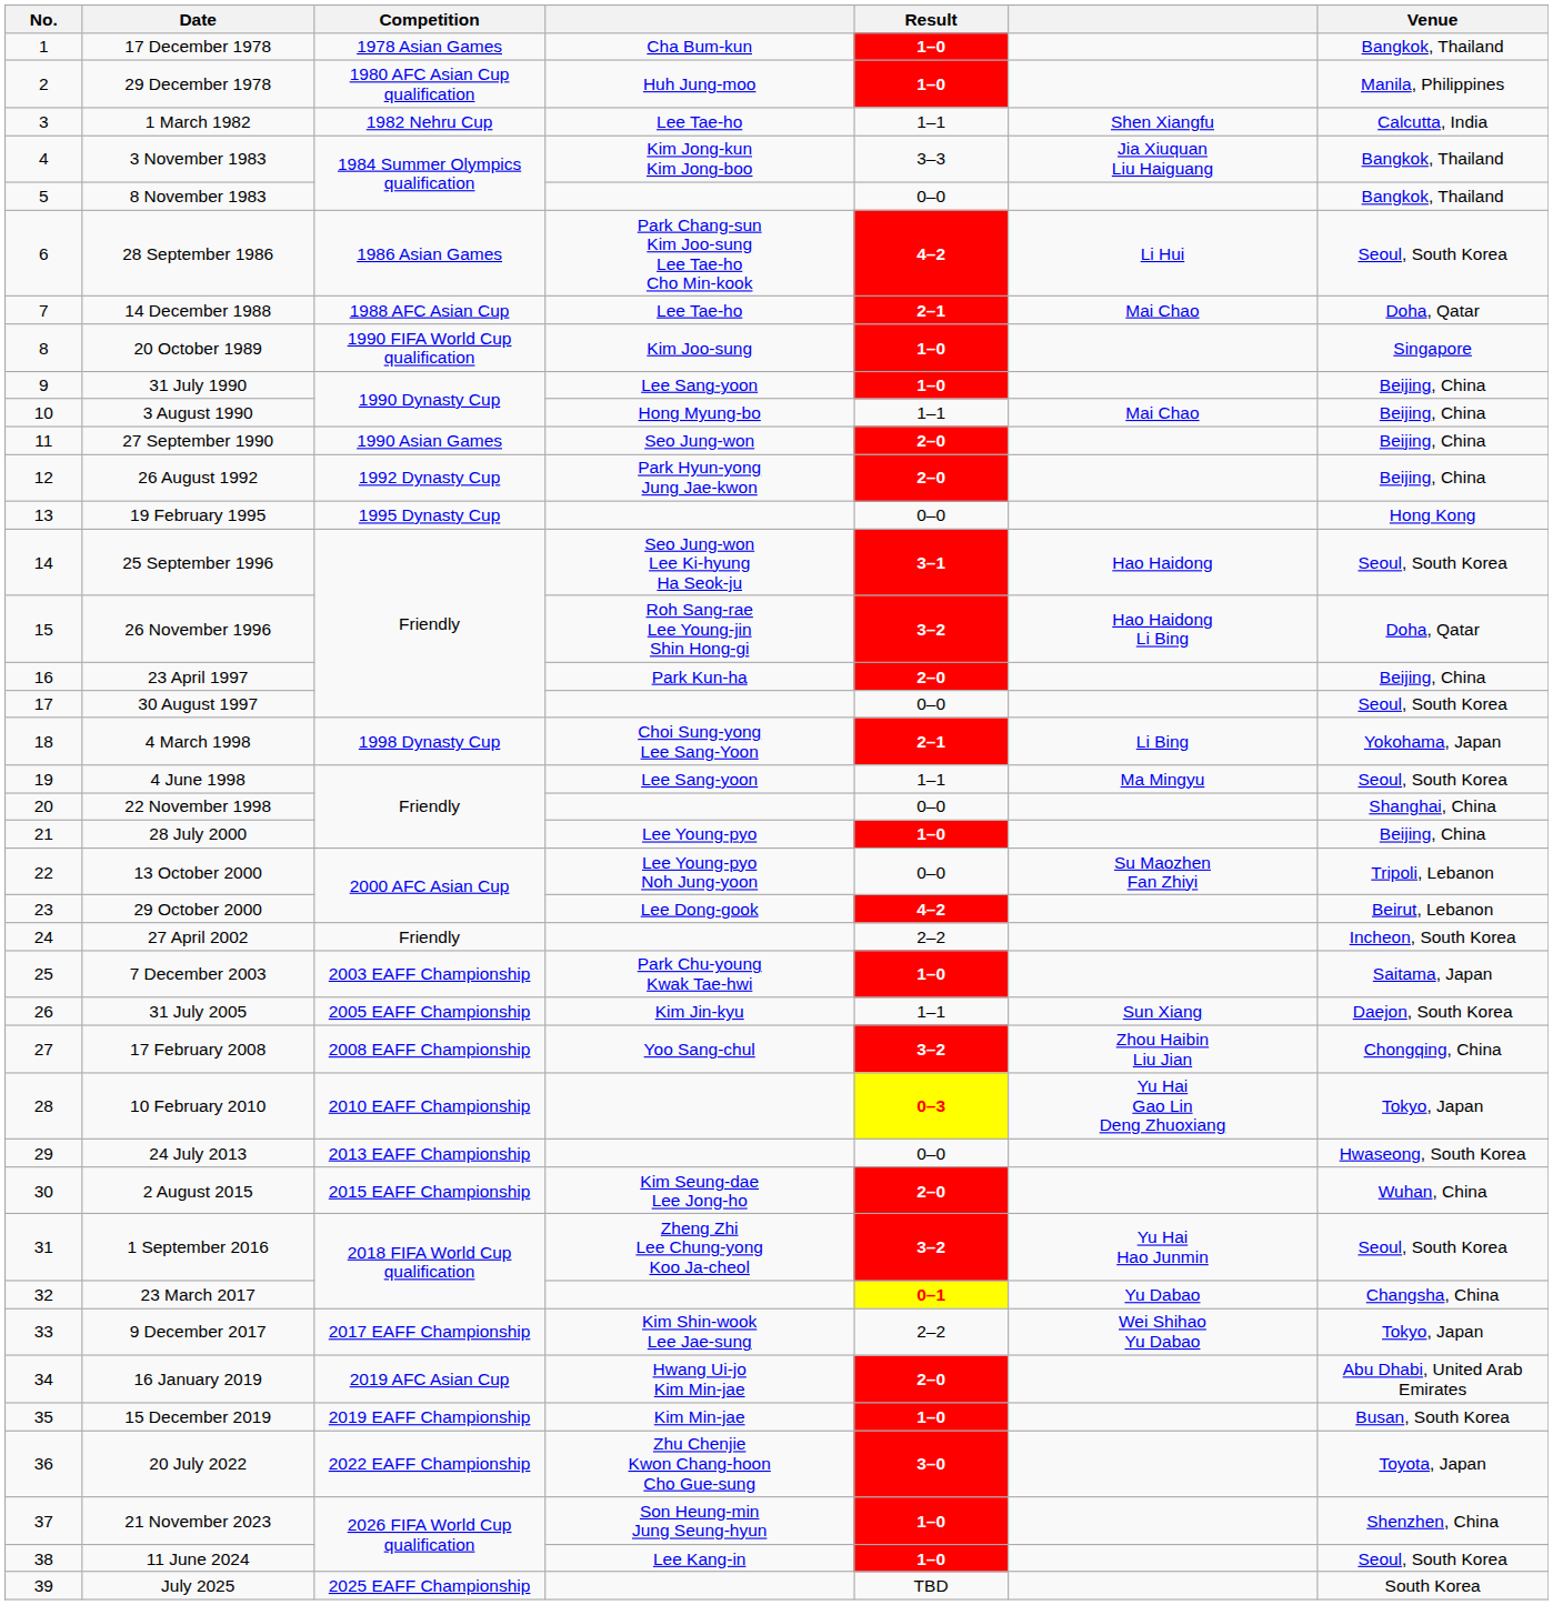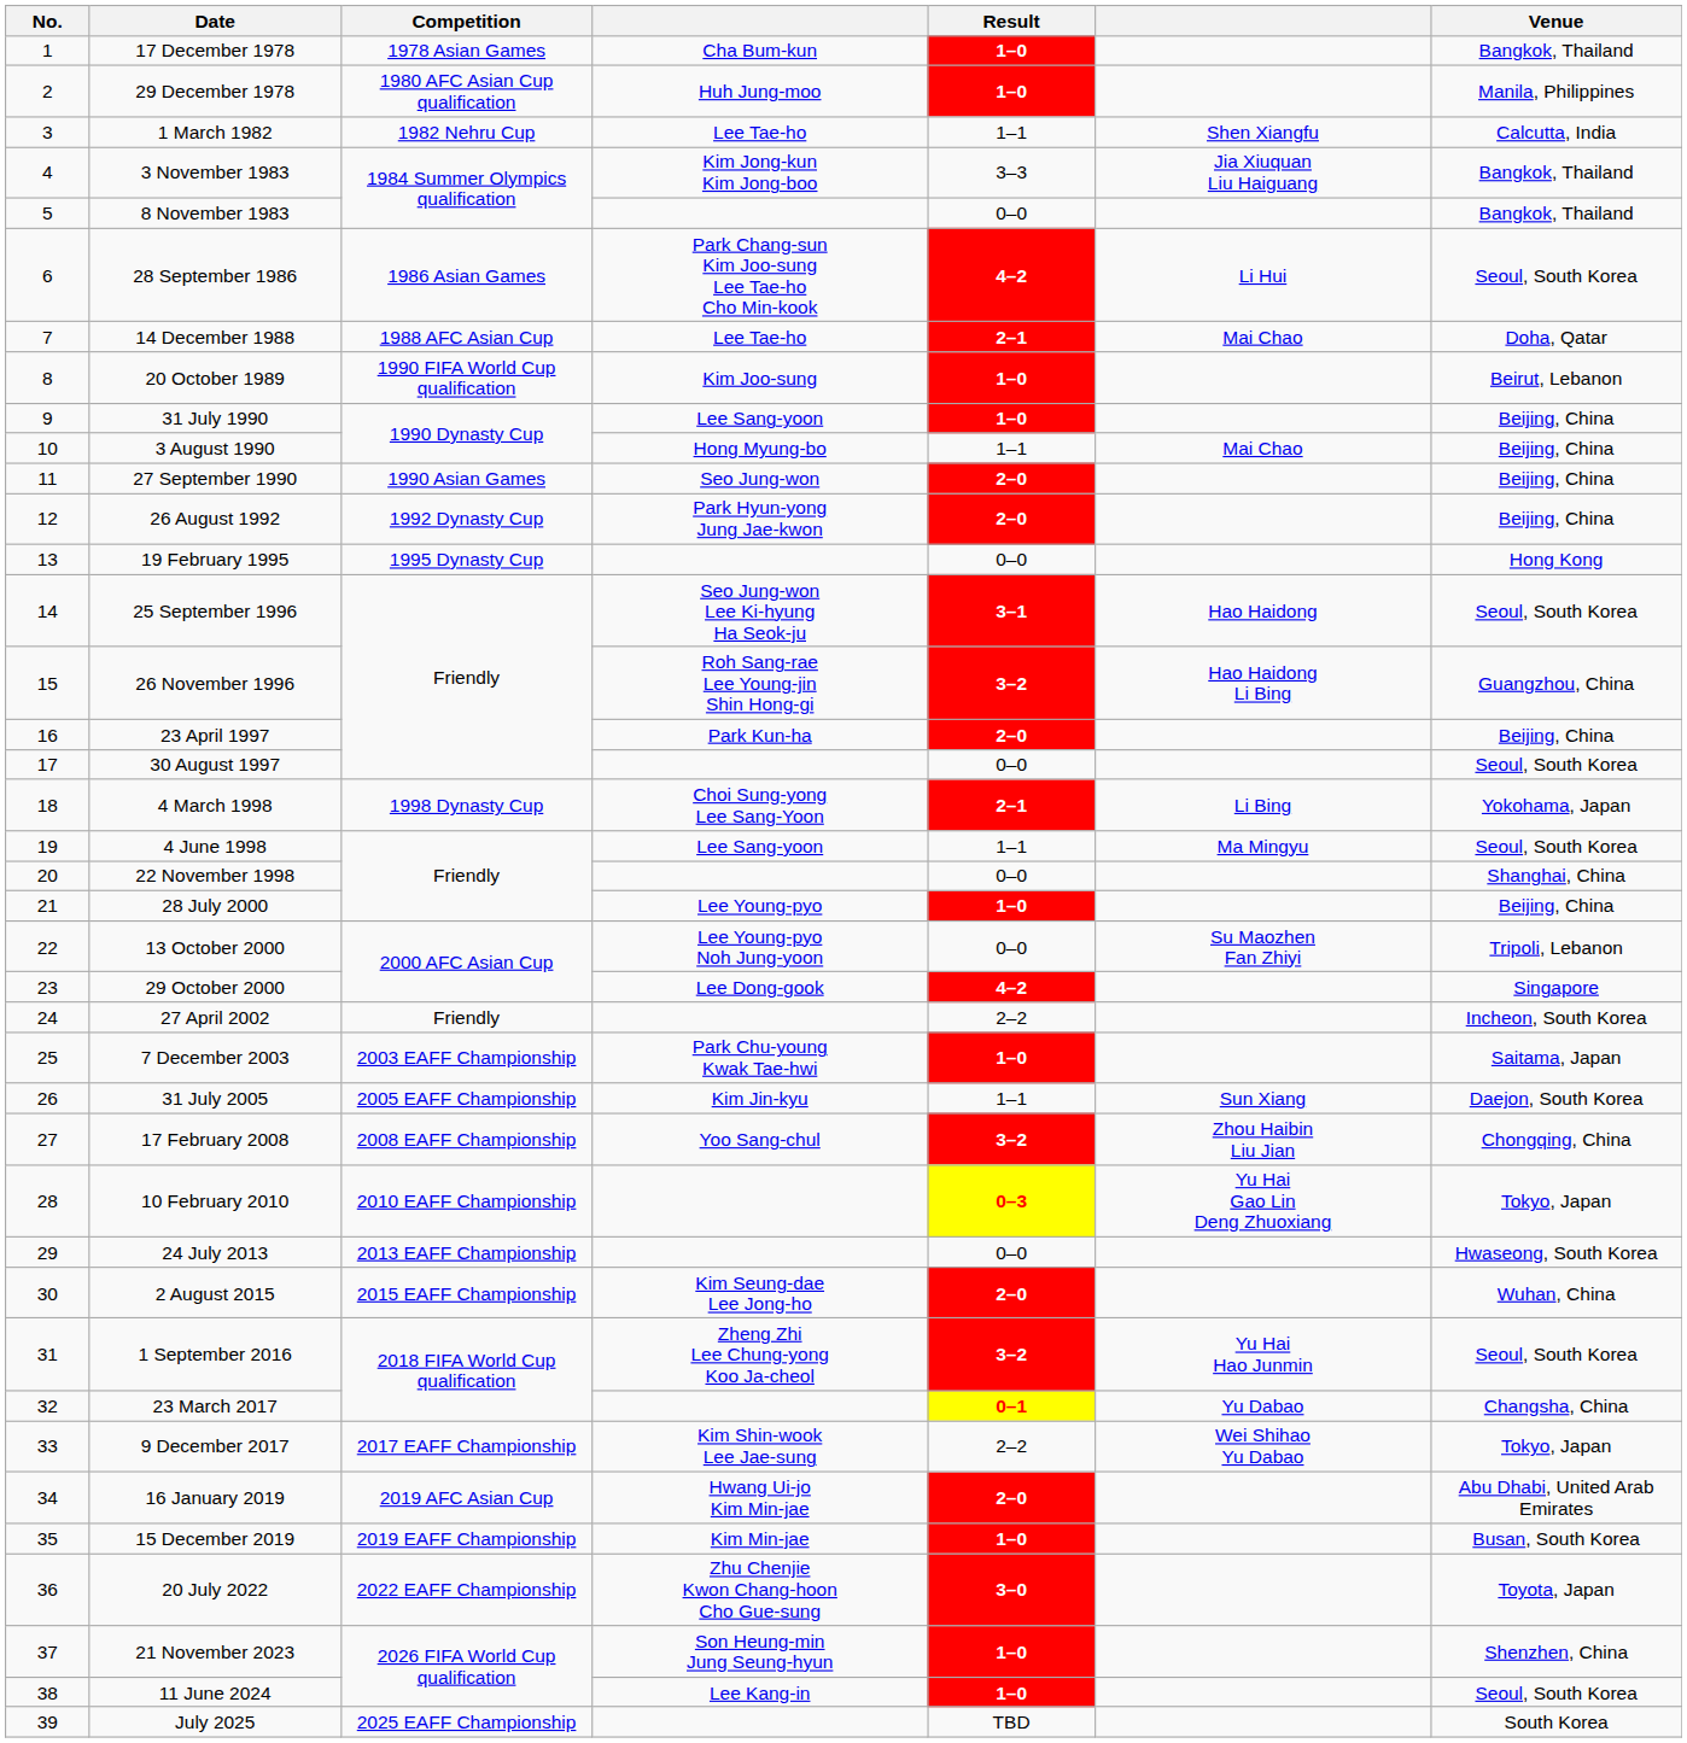 <table class="wikitable" style="width:100%; text-align:center; margin:0 left; font-size:88%">
 <tr>
 <th width=5%>No.</th>
 <th width=15%>Date</th>
 <th width=15%>Competition</th>
 <th width=20%></th>
 <th width=10%>Result</th>
 <th width=20%></th>
 <th width=15%>Venue</th>
 </tr>
 <tr>
 <td>1</td>
 <td>17 December 1978</td>
 <td><a href='#'>1978 Asian Games</a></td>
 <td><a href='#'>Cha Bum-kun</a> </td>
 <td style="color:#FFFFFF;background:#FF0000"><strong>1–0</strong></td>
 <td></td>
 <td><a href='#'>Bangkok</a>, Thailand</td>
 </tr>
 <tr>
 <td>2</td>
 <td>29 December 1978</td>
 <td><a href='#'>1980 AFC Asian Cup qualification</a></td>
 <td><a href='#'>Huh Jung-moo</a> </td>
 <td style="color:#FFFFFF;background:#FF0000"><strong>1–0</strong></td>
 <td></td>
 <td><a href='#'>Manila</a>, Philippines</td>
 </tr>
 <tr>
 <td>3</td>
 <td>1 March 1982</td>
 <td><a href='#'>1982 Nehru Cup</a></td>
 <td><a href='#'>Lee Tae-ho</a> </td>
 <td>1–1</td>
 <td><a href='#'>Shen Xiangfu</a> </td>
 <td><a href='#'>Calcutta</a>, India</td>
 </tr>
 <tr>
 <td>4</td>
 <td>3 November 1983</td>
 <td rowspan="2"><a href='#'>1984 Summer Olympics qualification</a></td>
 <td><a href='#'>Kim Jong-kun</a> <br><a href='#'>Kim Jong-boo</a> </td>
 <td>3–3</td>
 <td><a href='#'>Jia Xiuquan</a> <br><a href='#'>Liu Haiguang</a> </td>
 <td><a href='#'>Bangkok</a>, Thailand</td>
 </tr>
 <tr>
 <td>5</td>
 <td>8 November 1983</td>
 <td></td>
 <td>0–0</td>
 <td></td>
 <td><a href='#'>Bangkok</a>, Thailand</td>
 </tr>
 <tr>
 <td>6</td>
 <td>28 September 1986</td>
 <td><a href='#'>1986 Asian Games</a></td>
 <td><a href='#'>Park Chang-sun</a> <br><a href='#'>Kim Joo-sung</a> <br><a href='#'>Lee Tae-ho</a> <br><a href='#'>Cho Min-kook</a> </td>
 <td style="color:#FFFFFF;background:#FF0000"><strong>4–2</strong></td>
 <td><a href='#'>Li Hui</a> </td>
 <td><a href='#'>Seoul</a>, South Korea</td>
 </tr>
 <tr>
 <td>7</td>
 <td>14 December 1988</td>
 <td><a href='#'>1988 AFC Asian Cup</a></td>
 <td><a href='#'>Lee Tae-ho</a> </td>
 <td style="color:#FFFFFF;background:#FF0000"><strong>2–1 </strong></td>
 <td><a href='#'>Mai Chao</a> </td>
 <td><a href='#'>Doha</a>, Qatar</td>
 </tr>
 <tr>
 <td>8</td>
 <td>20 October 1989</td>
 <td><a href='#'>1990 FIFA World Cup qualification</a></td>
 <td><a href='#'>Kim Joo-sung</a> </td>
 <td style="color:#FFFFFF;background:#FF0000"><strong>1–0</strong></td>
 <td></td>
-<td><a href='#'>Singapore</a></td>
+<td><a href='#'>Beirut</a>, Lebanon</td>
 </tr>
 <tr>
 <td>9</td>
 <td>31 July 1990</td>
 <td rowspan="2"><a href='#'>1990 Dynasty Cup</a></td>
 <td><a href='#'>Lee Sang-yoon</a> </td>
 <td style="color:#FFFFFF;background:#FF0000"><strong>1–0</strong></td>
 <td></td>
 <td><a href='#'>Beijing</a>, China</td>
 </tr>
 <tr>
 <td>10</td>
 <td>3 August 1990</td>
 <td><a href='#'>Hong Myung-bo</a> </td>
 <td>1–1 <br></td>
 <td><a href='#'>Mai Chao</a> </td>
 <td><a href='#'>Beijing</a>, China</td>
 </tr>
 <tr>
 <td>11</td>
 <td>27 September 1990</td>
 <td><a href='#'>1990 Asian Games</a></td>
 <td><a href='#'>Seo Jung-won</a> </td>
 <td style="color:#FFFFFF;background:#FF0000"><strong>2–0</strong></td>
 <td></td>
 <td><a href='#'>Beijing</a>, China</td>
 </tr>
 <tr>
 <td>12</td>
 <td>26 August 1992</td>
 <td><a href='#'>1992 Dynasty Cup</a></td>
 <td><a href='#'>Park Hyun-yong</a> <br><a href='#'>Jung Jae-kwon</a> </td>
 <td style="color:#FFFFFF;background:#FF0000"><strong>2–0</strong></td>
 <td></td>
 <td><a href='#'>Beijing</a>, China</td>
 </tr>
 <tr>
 <td>13</td>
 <td>19 February 1995</td>
 <td><a href='#'>1995 Dynasty Cup</a></td>
 <td></td>
 <td>0–0</td>
 <td></td>
 <td><a href='#'>Hong Kong</a></td>
 </tr>
 <tr>
 <td>14</td>
 <td>25 September 1996</td>
 <td rowspan="4">Friendly</td>
 <td><a href='#'>Seo Jung-won</a> <br><a href='#'>Lee Ki-hyung</a> <br><a href='#'>Ha Seok-ju</a> </td>
 <td style="color:#FFFFFF;background:#FF0000"><strong>3–1</strong></td>
 <td><a href='#'>Hao Haidong</a> </td>
 <td><a href='#'>Seoul</a>, South Korea</td>
 </tr>
 <tr>
 <td>15</td>
 <td>26 November 1996</td>
 <td><a href='#'>Roh Sang-rae</a> <br><a href='#'>Lee Young-jin</a> <br><a href='#'>Shin Hong-gi</a> </td>
 <td style="color:#FFFFFF;background:#FF0000"><strong>3–2</strong></td>
 <td><a href='#'>Hao Haidong</a> <br><a href='#'>Li Bing</a> </td>
-<td><a href='#'>Doha</a>, Qatar</td>
+<td><a href='#'>Guangzhou</a>, China</td>
 </tr>
 <tr>
 <td>16</td>
 <td>23 April 1997</td>
 <td><a href='#'>Park Kun-ha</a> </td>
 <td style="color:#FFFFFF;background:#FF0000"><strong>2–0</strong></td>
 <td></td>
 <td><a href='#'>Beijing</a>, China</td>
 </tr>
 <tr>
 <td>17</td>
 <td>30 August 1997</td>
 <td></td>
 <td>0–0</td>
 <td></td>
 <td><a href='#'>Seoul</a>, South Korea</td>
 </tr>
 <tr>
 <td>18</td>
 <td>4 March 1998</td>
 <td><a href='#'>1998 Dynasty Cup</a></td>
 <td><a href='#'>Choi Sung-yong</a> <br><a href='#'>Lee Sang-Yoon</a> </td>
 <td style="color:#FFFFFF;background:#FF0000"><strong>2–1</strong></td>
 <td><a href='#'>Li Bing</a> </td>
 <td><a href='#'>Yokohama</a>, Japan</td>
 </tr>
 <tr>
 <td>19</td>
 <td>4 June 1998</td>
 <td rowspan="3">Friendly</td>
 <td><a href='#'>Lee Sang-yoon</a> </td>
 <td>1–1</td>
 <td><a href='#'>Ma Mingyu</a> </td>
 <td><a href='#'>Seoul</a>, South Korea</td>
 </tr>
 <tr>
 <td>20</td>
 <td>22 November 1998</td>
 <td></td>
 <td>0–0</td>
 <td></td>
 <td><a href='#'>Shanghai</a>, China</td>
 </tr>
 <tr>
 <td>21</td>
 <td>28 July 2000</td>
 <td><a href='#'>Lee Young-pyo</a> </td>
 <td style="color:#FFFFFF;background:#FF0000"><strong>1–0</strong></td>
 <td></td>
 <td><a href='#'>Beijing</a>, China</td>
 </tr>
 <tr>
 <td>22</td>
 <td>13 October 2000</td>
 <td rowspan="2"><a href='#'>2000 AFC Asian Cup</a></td>
 <td><a href='#'>Lee Young-pyo</a> <br><a href='#'>Noh Jung-yoon</a> </td>
 <td>0–0</td>
 <td><a href='#'>Su Maozhen</a> <br><a href='#'>Fan Zhiyi</a> </td>
 <td><a href='#'>Tripoli</a>, Lebanon</td>
 </tr>
 <tr>
 <td>23</td>
 <td>29 October 2000</td>
 <td><a href='#'>Lee Dong-gook</a> </td>
 <td style="color:#FFFFFF;background:#FF0000"><strong>4–2</strong></td>
 <td></td>
-<td><a href='#'>Beirut</a>, Lebanon</td>
+<td><a href='#'>Singapore</a></td>
 </tr>
 <tr>
 <td>24</td>
 <td>27 April 2002</td>
 <td>Friendly</td>
 <td></td>
 <td>2–2</td>
 <td></td>
 <td><a href='#'>Incheon</a>, South Korea</td>
 </tr>
 <tr>
 <td>25</td>
 <td>7 December 2003</td>
 <td><a href='#'>2003 EAFF Championship</a></td>
 <td><a href='#'>Park Chu-young</a> <br><a href='#'>Kwak Tae-hwi</a> </td>
 <td style="color:#FFFFFF;background:#FF0000"><strong>1–0</strong></td>
 <td></td>
 <td><a href='#'>Saitama</a>, Japan</td>
 </tr>
 <tr>
 <td>26</td>
 <td>31 July 2005</td>
 <td><a href='#'>2005 EAFF Championship</a></td>
 <td><a href='#'>Kim Jin-kyu</a> </td>
 <td>1–1</td>
 <td><a href='#'>Sun Xiang</a> </td>
 <td><a href='#'>Daejon</a>, South Korea</td>
 </tr>
 <tr>
 <td>27</td>
 <td>17 February 2008</td>
 <td><a href='#'>2008 EAFF Championship</a></td>
 <td><a href='#'>Yoo Sang-chul</a> </td>
 <td style="color:#FFFFFF;background:#FF0000"><strong>3–2</strong></td>
 <td><a href='#'>Zhou Haibin</a> <br><a href='#'>Liu Jian</a> </td>
 <td><a href='#'>Chongqing</a>, China</td>
 </tr>
 <tr>
 <td>28</td>
 <td>10 February 2010</td>
 <td><a href='#'>2010 EAFF Championship</a></td>
 <td></td>
 <td style="color:#FF0000;background:#FFFF00"><strong>0–3</strong></td>
 <td><a href='#'>Yu Hai</a> <br><a href='#'>Gao Lin</a> <br><a href='#'>Deng Zhuoxiang</a> </td>
 <td><a href='#'>Tokyo</a>, Japan</td>
 </tr>
 <tr>
 <td>29</td>
 <td>24 July 2013</td>
 <td><a href='#'>2013 EAFF Championship</a></td>
 <td></td>
 <td>0–0</td>
 <td></td>
 <td><a href='#'>Hwaseong</a>, South Korea</td>
 </tr>
 <tr>
 <td>30</td>
 <td>2 August 2015</td>
 <td><a href='#'>2015 EAFF Championship</a></td>
 <td><a href='#'>Kim Seung-dae</a> <br><a href='#'>Lee Jong-ho</a> </td>
 <td style="color:#FFFFFF;background:#FF0000"><strong>2–0</strong></td>
 <td></td>
 <td><a href='#'>Wuhan</a>, China</td>
 </tr>
 <tr>
 <td>31</td>
 <td>1 September 2016</td>
 <td rowspan="2"><a href='#'>2018 FIFA World Cup qualification</a></td>
 <td><a href='#'>Zheng Zhi</a> <br><a href='#'>Lee Chung-yong</a> <br><a href='#'>Koo Ja-cheol</a> </td>
 <td style="color:#FFFFFF;background:#FF0000"><strong>3–2</strong></td>
 <td><a href='#'>Yu Hai</a> <br><a href='#'>Hao Junmin</a> </td>
 <td><a href='#'>Seoul</a>, South Korea</td>
 </tr>
 <tr>
 <td>32</td>
 <td>23 March 2017</td>
 <td></td>
 <td style="color:#FF0000;background:#FFFF00"><strong>0–1</strong></td>
 <td><a href='#'>Yu Dabao</a> </td>
 <td><a href='#'>Changsha</a>, China</td>
 </tr>
 <tr>
 <td>33</td>
 <td>9 December 2017</td>
 <td><a href='#'>2017 EAFF Championship</a></td>
 <td><a href='#'>Kim Shin-wook</a> <br><a href='#'>Lee Jae-sung</a> </td>
 <td>2–2</td>
 <td><a href='#'>Wei Shihao</a> <br><a href='#'>Yu Dabao</a> </td>
 <td><a href='#'>Tokyo</a>, Japan</td>
 </tr>
 <tr>
 <td>34</td>
 <td>16 January 2019</td>
 <td><a href='#'>2019 AFC Asian Cup</a></td>
 <td><a href='#'>Hwang Ui-jo</a> <br><a href='#'>Kim Min-jae</a> </td>
 <td style="color:#FFFFFF;background:#FF0000"><strong>2–0</strong></td>
 <td></td>
 <td><a href='#'>Abu Dhabi</a>, United Arab Emirates</td>
 </tr>
 <tr>
 <td>35</td>
 <td>15 December 2019</td>
 <td><a href='#'>2019 EAFF Championship</a></td>
 <td><a href='#'>Kim Min-jae</a> </td>
 <td style="color:#FFFFFF;background:#FF0000"><strong>1–0</strong></td>
 <td></td>
 <td><a href='#'>Busan</a>, South Korea</td>
 </tr>
 <tr>
 <td>36</td>
 <td>20 July 2022</td>
 <td><a href='#'>2022 EAFF Championship</a></td>
 <td><a href='#'>Zhu Chenjie</a> <br><a href='#'>Kwon Chang-hoon</a> <br><a href='#'>Cho Gue-sung</a> </td>
 <td style="color:#FFFFFF;background:#FF0000"><strong>3–0</strong></td>
 <td></td>
 <td><a href='#'>Toyota</a>, Japan</td>
 </tr>
 <tr>
 <td>37</td>
 <td>21 November 2023</td>
 <td rowspan="2"><a href='#'>2026 FIFA World Cup qualification</a></td>
 <td><a href='#'>Son Heung-min</a> <br><a href='#'>Jung Seung-hyun</a> </td>
 <td style="color:#FFFFFF;background:#FF0000"><strong>1–0</strong></td>
 <td></td>
 <td><a href='#'>Shenzhen</a>, China</td>
 </tr>
 <tr>
 <td>38</td>
 <td>11 June 2024</td>
 <td><a href='#'>Lee Kang-in</a> </td>
 <td style="color:#FFFFFF;background:#FF0000"><strong>1–0</strong></td>
 <td></td>
 <td><a href='#'>Seoul</a>, South Korea</td>
 </tr>
 <tr>
 <td>39</td>
 <td>July 2025</td>
 <td><a href='#'>2025 EAFF Championship</a></td>
 <td></td>
 <td>TBD</td>
 <td></td>
 <td>South Korea</td>
 </tr>
 </table>
